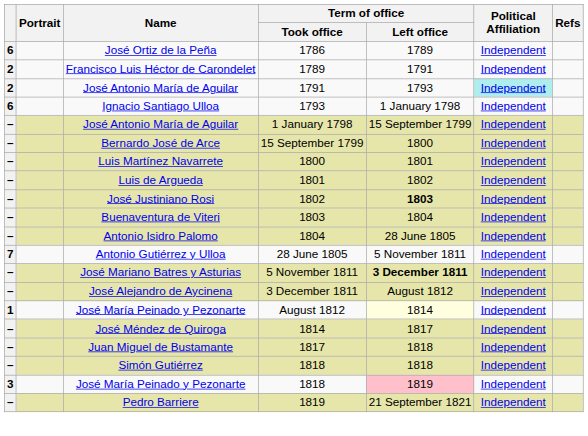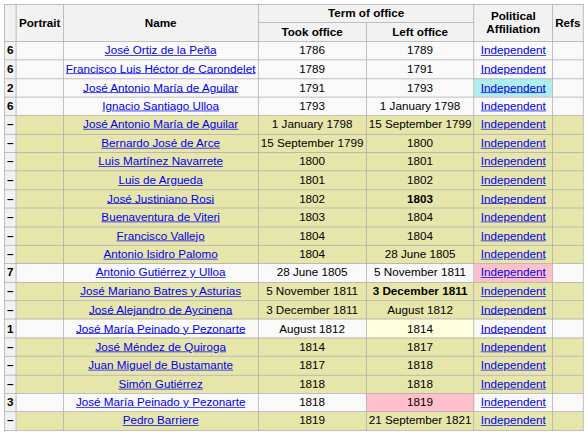 <table class="wikitable" style="text-align:center">
 <tr style="background:#cccccc">
 <th rowspan="2"></th>
 <th rowspan="2">Portrait</th>
 <th rowspan="2">Name<br></th>
 <th colspan="2" width="100">Term of office</th>
 <th rowspan="2" width="100">Political Affiliation</th>
 <th rowspan="2">Refs</th>
 </tr>
 <tr>
 <th>Took office</th>
 <th>Left office</th>
 </tr>
 <tr>
 <th style="background:">6</th>
 <td></td>
 <td><a href='#'>José Ortiz de la Peña</a><br></td>
 <td>1786</td>
 <td>1789</td>
 <td><a href='#'>Independent</a></td>
 <td></td>
 </tr>
 <tr>
-<th style="background:">2</th>
+<th style="background:">6</th>
 <td></td>
 <td><a href='#'>Francisco Luis Héctor de Carondelet</a><br></td>
 <td>1789</td>
 <td>1791</td>
 <td><a href='#'>Independent</a></td>
 <td></td>
 </tr>
 <tr>
 <th style="background:">2</th>
 <td></td>
 <td><a href='#'>José Antonio María de Aguilar</a><br></td>
 <td>1791</td>
 <td>1793</td>
 <td style="background: paleturquoise;"><a href='#'>Independent</a></td>
 <td></td>
 </tr>
 <tr>
 <th style="background:">6</th>
 <td></td>
 <td><a href='#'>Ignacio Santiago Ulloa</a><br></td>
 <td>1793</td>
 <td>1 January 1798</td>
 <td><a href='#'>Independent</a></td>
 <td></td>
 </tr>
 <tr style="background:#E6E6AA">
 <th style="background:">–</th>
 <td></td>
 <td><a href='#'>José Antonio María de Aguilar</a><br></td>
 <td>1 January 1798</td>
 <td>15 September 1799</td>
 <td><a href='#'>Independent</a></td>
 <td></td>
 </tr>
 <tr style="background:#E6E6AA">
 <th style="background:">–</th>
 <td></td>
 <td><a href='#'>Bernardo José de Arce</a><br></td>
 <td>15 September 1799</td>
 <td>1800</td>
 <td><a href='#'>Independent</a></td>
 <td></td>
 </tr>
 <tr style="background:#E6E6AA">
 <th style="background:">–</th>
 <td></td>
 <td><a href='#'>Luis Martínez Navarrete</a><br></td>
 <td>1800</td>
 <td>1801</td>
 <td><a href='#'>Independent</a></td>
 <td></td>
 </tr>
 <tr style="background:#E6E6AA">
 <th style="background:">–</th>
 <td></td>
 <td><a href='#'>Luis de Argueda</a><br></td>
 <td>1801</td>
 <td>1802</td>
 <td><a href='#'>Independent</a></td>
 <td></td>
 </tr>
 <tr style="background:#E6E6AA">
 <th style="background:">–</th>
 <td></td>
 <td><a href='#'>José Justiniano Rosi</a><br></td>
 <td>1802</td>
 <td><strong>1803</strong></td>
 <td><a href='#'>Independent</a></td>
 <td></td>
 </tr>
 <tr style="background:#E6E6AA">
 <th style="background:">–</th>
 <td></td>
 <td><a href='#'>Buenaventura de Viteri</a><br></td>
 <td>1803</td>
 <td>1804</td>
 <td><a href='#'>Independent</a></td>
 <td></td>
 </tr>
 <tr style="background:#E6E6AA">
 <th style="background:">–</th>
 <td></td>
+<td><a href='#'>Francisco Vallejo</a><br></td>
+<td>1804</td>
+<td>1804</td>
+<td><a href='#'>Independent</a></td>
+<td></td>
+</tr>
+<tr style="background:#E6E6AA">
+<th style="background:">–</th>
+<td></td>
 <td><a href='#'>Antonio Isidro Palomo</a><br></td>
 <td>1804</td>
 <td>28 June 1805</td>
 <td><a href='#'>Independent</a></td>
 <td></td>
 </tr>
 <tr>
 <th style="background:">7</th>
 <td></td>
 <td><a href='#'>Antonio Gutiérrez y Ulloa</a><br></td>
 <td>28 June 1805</td>
 <td>5 November 1811</td>
-<td><a href='#'>Independent</a></td>
+<td style="background: pink;"><a href='#'>Independent</a></td>
 <td></td>
 </tr>
 <tr style="background:#E6E6AA">
 <th style="background:">–</th>
 <td></td>
 <td><a href='#'>José Mariano Batres y Asturias</a><br></td>
 <td>5 November 1811</td>
 <td><strong>3 December 1811</strong></td>
 <td><a href='#'>Independent</a></td>
 <td></td>
 </tr>
 <tr style="background:#E6E6AA">
 <th style="background:">–</th>
 <td></td>
 <td><a href='#'>José Alejandro de Aycinena</a><br></td>
 <td>3 December 1811</td>
 <td>August 1812</td>
 <td><a href='#'>Independent</a></td>
 <td></td>
 </tr>
 <tr>
 <th style="background:">1</th>
 <td></td>
 <td><a href='#'>José María Peinado y Pezonarte</a><br></td>
 <td>August 1812</td>
 <td style="background: lightyellow;">1814</td>
 <td><a href='#'>Independent</a></td>
 <td></td>
 </tr>
 <tr style="background:#E6E6AA">
 <th style="background:">–</th>
 <td></td>
 <td><a href='#'>José Méndez de Quiroga</a><br></td>
 <td>1814</td>
 <td>1817</td>
 <td><a href='#'>Independent</a></td>
 <td></td>
 </tr>
 <tr style="background:#E6E6AA">
 <th style="background:">–</th>
 <td></td>
 <td><a href='#'>Juan Miguel de Bustamante</a><br></td>
 <td>1817</td>
 <td>1818</td>
 <td><a href='#'>Independent</a></td>
 <td></td>
 </tr>
 <tr style="background:#E6E6AA">
 <th style="background:">–</th>
 <td></td>
 <td><a href='#'>Simón Gutiérrez</a><br></td>
 <td>1818</td>
 <td>1818</td>
 <td><a href='#'>Independent</a></td>
 <td></td>
 </tr>
 <tr>
 <th style="background:">3</th>
 <td></td>
 <td><a href='#'>José María Peinado y Pezonarte</a><br></td>
 <td>1818</td>
 <td style="background: pink;">1819</td>
 <td><a href='#'>Independent</a></td>
 <td></td>
 </tr>
 <tr style="background:#E6E6AA">
 <th style="background:">–</th>
 <td></td>
 <td><a href='#'>Pedro Barriere</a><br></td>
 <td>1819</td>
 <td>21 September 1821</td>
 <td><a href='#'>Independent</a></td>
 <td></td>
 </tr>
 </table>
